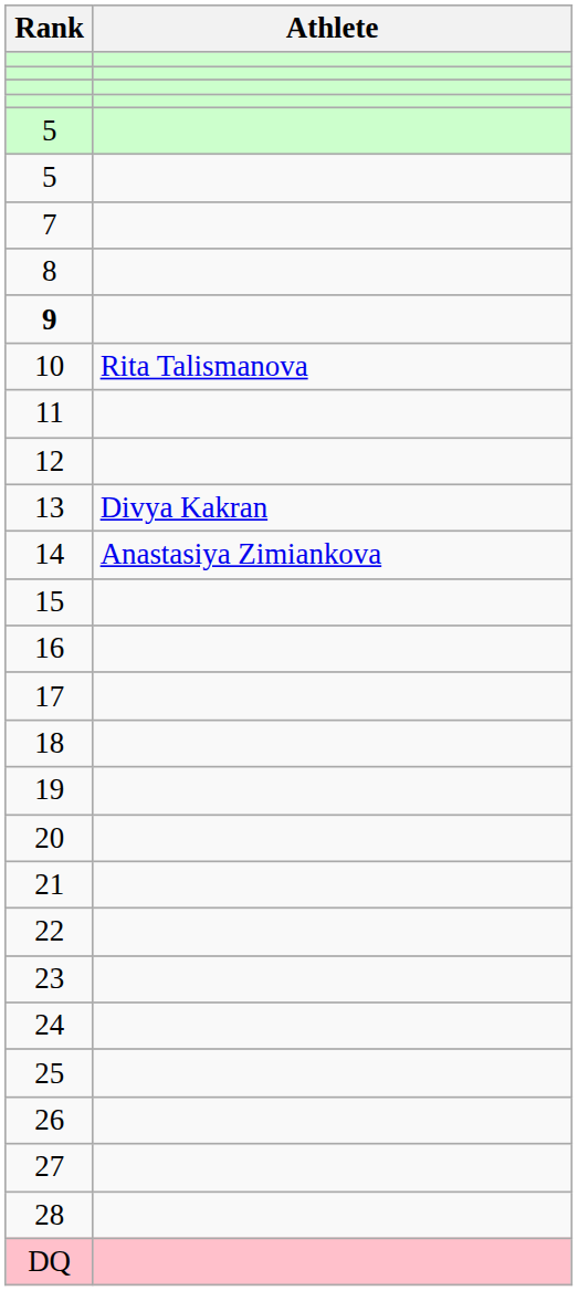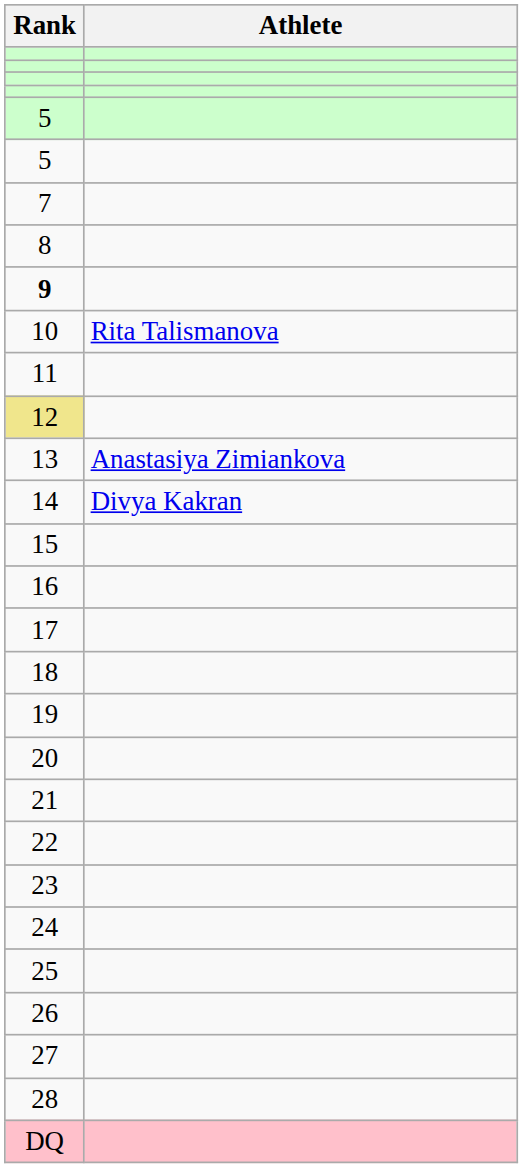 <table class="wikitable" style="text-align: center;">
 <tr>
 <th width=40>Rank</th>
 <th width=250>Athlete</th>
 </tr>
 <tr bgcolor=#ccffcc>
 <td></td>
 <td align="left"></td>
 </tr>
 <tr bgcolor=#ccffcc>
 <td></td>
 <td align="left"></td>
 </tr>
 <tr bgcolor=#ccffcc>
 <td></td>
 <td align="left"></td>
 </tr>
 <tr bgcolor=#ccffcc>
 <td></td>
 <td align="left"></td>
 </tr>
 <tr bgcolor=#ccffcc>
 <td>5</td>
 <td align="left"></td>
 </tr>
 <tr>
 <td>5</td>
 <td align="left"></td>
 </tr>
 <tr>
 <td>7</td>
 <td align="left"></td>
 </tr>
 <tr>
 <td>8</td>
 <td align="left"></td>
 </tr>
 <tr>
 <td><strong>9</strong></td>
 <td align="left"></td>
 </tr>
 <tr>
 <td>10</td>
 <td align="left"> <a href='#'>Rita Talismanova</a> </td>
 </tr>
 <tr>
 <td>11</td>
 <td align="left"></td>
 </tr>
 <tr>
-<td>12</td>
+<td style="background: khaki;">12</td>
 <td align="left"></td>
 </tr>
 <tr>
 <td>13</td>
-<td align="left"> <a href='#'>Divya Kakran</a> </td>
+<td align="left"> <a href='#'>Anastasiya Zimiankova</a> </td>
 </tr>
 <tr>
 <td>14</td>
-<td align="left"> <a href='#'>Anastasiya Zimiankova</a> </td>
+<td align="left"> <a href='#'>Divya Kakran</a> </td>
 </tr>
 <tr>
 <td>15</td>
 <td align="left"></td>
 </tr>
 <tr>
 <td>16</td>
 <td align="left"></td>
 </tr>
 <tr>
 <td>17</td>
 <td align="left"></td>
 </tr>
 <tr>
 <td>18</td>
 <td align="left"></td>
 </tr>
 <tr>
 <td>19</td>
 <td align="left"></td>
 </tr>
 <tr>
 <td>20</td>
 <td align="left"></td>
 </tr>
 <tr>
 <td>21</td>
 <td align="left"></td>
 </tr>
 <tr>
 <td>22</td>
 <td align="left"></td>
 </tr>
 <tr>
 <td>23</td>
 <td align="left"></td>
 </tr>
 <tr>
 <td>24</td>
 <td align="left"></td>
 </tr>
 <tr>
 <td>25</td>
 <td align="left"></td>
 </tr>
 <tr>
 <td>26</td>
 <td align="left"></td>
 </tr>
 <tr>
 <td>27</td>
 <td align="left"></td>
 </tr>
 <tr>
 <td>28</td>
 <td align="left"></td>
 </tr>
 <tr bgcolor=pink>
 <td>DQ</td>
 <td align="left"></td>
 </tr>
 </table>
